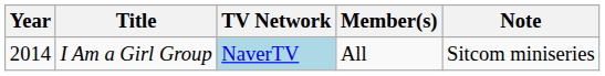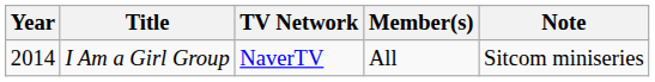 <table class="wikitable">
 <tr>
 <th>Year</th>
 <th>Title</th>
 <th>TV Network</th>
 <th>Member(s)</th>
 <th>Note</th>
 </tr>
 <tr>
 <td rowspan="2">2014</td>
 <td><em>I Am a Girl Group</em></td>
-<td style="background: lightblue;"><a href='#'>NaverTV</a></td>
+<td><a href='#'>NaverTV</a></td>
 <td>All</td>
 <td>Sitcom miniseries</td>
 </tr>
 </table>
